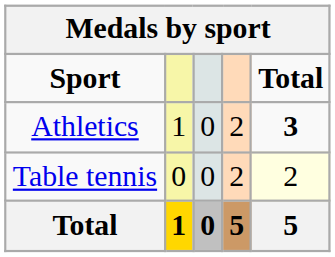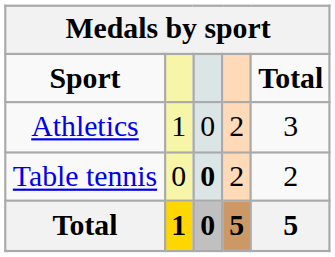 <table class="wikitable" style="font-size:85%; float:right;">
 <tr style="background:#efefef;">
 <th colspan=7><strong>Medals by sport</strong></th>
 </tr>
 <tr align=center>
 <td><strong>Sport</strong></td>
 <td style="background:#f7f6a8;"></td>
 <td style="background:#dce5e5;"></td>
 <td style="background:#ffdab9;"></td>
 <td><strong>Total</strong></td>
 </tr>
 <tr align=center>
 <td><a href='#'>Athletics</a></td>
 <td style="background:#f7f6a8;">1</td>
 <td style="background:#dce5e5;">0</td>
 <td style="background:#ffdab9;">2</td>
-<td><strong>3</strong></td>
+<td>3</td>
 </tr>
 <tr align=center>
 <td><a href='#'>Table tennis</a></td>
 <td style="background:#f7f6a8;">0</td>
-<td style="background:#dce5e5;">0</td>
+<td style="background:#dce5e5;"><strong>0</strong></td>
 <td style="background:#ffdab9;">2</td>
-<td style="background: lightyellow;">2</td>
+<td>2</td>
 </tr>
 <tr align=center>
 <th><strong>Total</strong></th>
 <th style="background:gold;"><strong>1</strong></th>
 <th style="background:silver;"><strong>0</strong></th>
 <th style="background:#c96;"><strong>5</strong></th>
 <th><strong>5</strong></th>
 </tr>
 </table>
